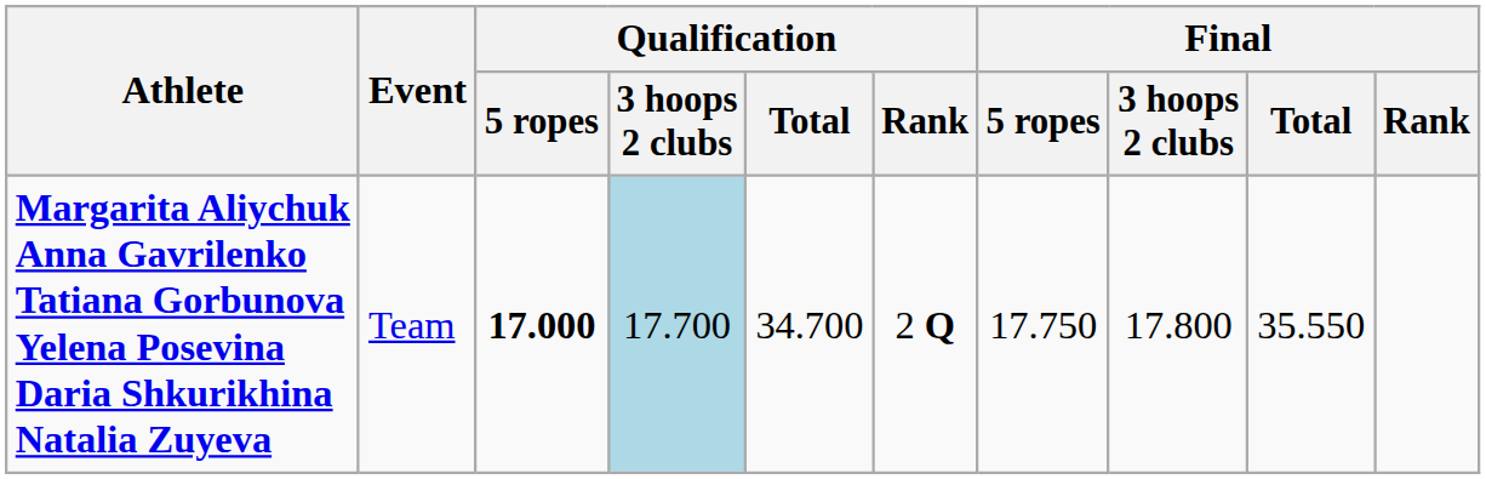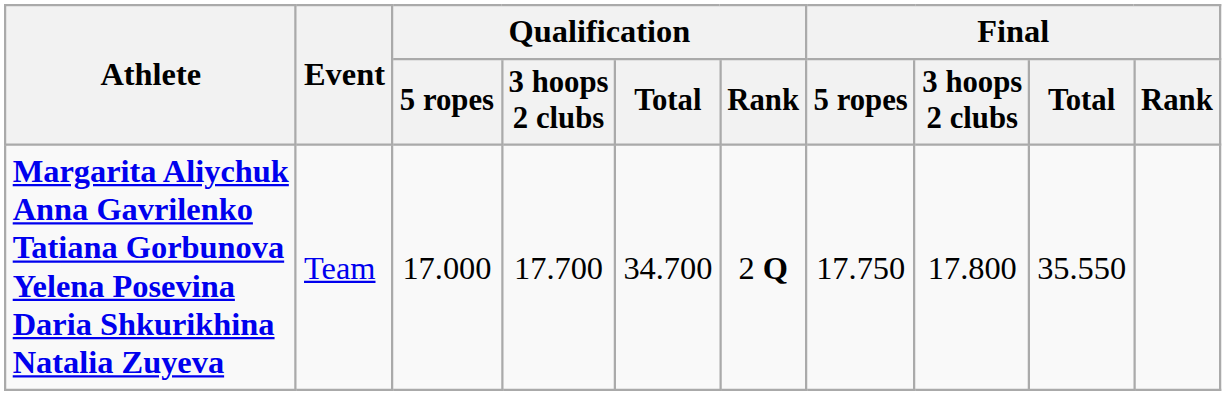 <table class="wikitable" style="font-size:90%">
 <tr>
 <th rowspan="2">Athlete</th>
 <th rowspan="2">Event</th>
 <th colspan="4">Qualification</th>
 <th colspan="4">Final</th>
 </tr>
 <tr style="font-size:95%">
 <th>5 ropes</th>
 <th>3 hoops<br>2 clubs</th>
 <th>Total</th>
 <th>Rank</th>
 <th>5 ropes</th>
 <th>3 hoops<br>2 clubs</th>
 <th>Total</th>
 <th>Rank</th>
 </tr>
 <tr align=center>
 <td align=left><strong><a href='#'>Margarita Aliychuk</a><br><a href='#'>Anna Gavrilenko</a><br><a href='#'>Tatiana Gorbunova</a><br><a href='#'>Yelena Posevina</a><br><a href='#'>Daria Shkurikhina</a><br><a href='#'>Natalia Zuyeva</a></strong></td>
 <td align=left><a href='#'>Team</a></td>
-<td><strong>17.000</strong></td>
-<td style="background: lightblue;">17.700</td>
+<td>17.000</td>
+<td>17.700</td>
 <td>34.700</td>
 <td>2 <strong>Q</strong></td>
 <td>17.750</td>
 <td>17.800</td>
 <td>35.550</td>
 <td></td>
 </tr>
 </table>
